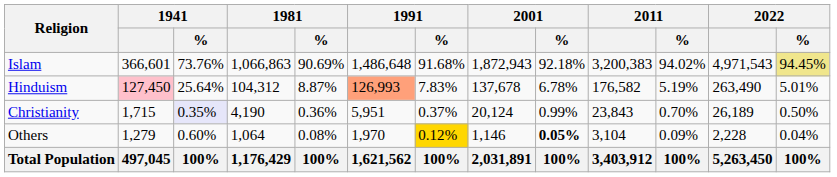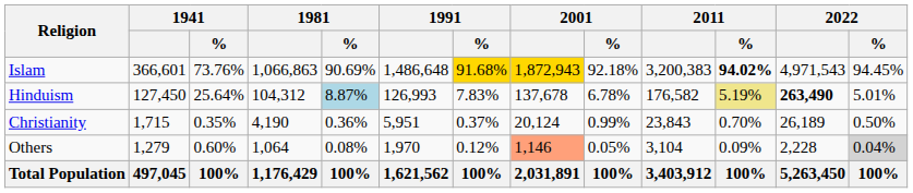 <table class="wikitable sortable">
 <tr>
 <th rowspan="2">Religion</th>
 <th colspan="2">1941</th>
 <th colspan="2">1981</th>
 <th colspan="2">1991</th>
 <th colspan="2">2001</th>
 <th colspan="2">2011</th>
 <th colspan="2">2022</th>
 </tr>
 <tr>
 <th></th>
 <th>%</th>
 <th></th>
 <th>%</th>
 <th></th>
 <th>%</th>
 <th></th>
 <th>%</th>
 <th></th>
 <th>%</th>
 <th></th>
 <th>%</th>
 </tr>
 <tr>
 <td><a href='#'>Islam</a> </td>
 <td>366,601</td>
 <td>73.76%</td>
 <td>1,066,863</td>
 <td>90.69%</td>
 <td>1,486,648</td>
-<td>91.68%</td>
-<td>1,872,943</td>
+<td style="background: gold;">91.68%</td>
+<td style="background: gold;">1,872,943</td>
 <td>92.18%</td>
 <td>3,200,383</td>
-<td>94.02%</td>
+<td><strong>94.02%</strong></td>
 <td>4,971,543</td>
-<td style="background: khaki;">94.45%</td>
+<td>94.45%</td>
 </tr>
 <tr>
 <td><a href='#'>Hinduism</a> </td>
-<td style="background: pink;">127,450</td>
+<td>127,450</td>
 <td>25.64%</td>
 <td>104,312</td>
-<td>8.87%</td>
-<td style="background: lightsalmon;">126,993</td>
+<td style="background: lightblue;">8.87%</td>
+<td>126,993</td>
 <td>7.83%</td>
 <td>137,678</td>
 <td>6.78%</td>
 <td>176,582</td>
-<td>5.19%</td>
-<td>263,490</td>
+<td style="background: khaki;">5.19%</td>
+<td><strong>263,490</strong></td>
 <td>5.01%</td>
 </tr>
 <tr>
 <td><a href='#'>Christianity</a> </td>
 <td>1,715</td>
-<td style="background: lavender;">0.35%</td>
+<td>0.35%</td>
 <td>4,190</td>
 <td>0.36%</td>
 <td>5,951</td>
 <td>0.37%</td>
 <td>20,124</td>
 <td>0.99%</td>
 <td>23,843</td>
 <td>0.70%</td>
 <td>26,189</td>
 <td>0.50%</td>
 </tr>
 <tr>
 <td>Others </td>
 <td>1,279</td>
 <td>0.60%</td>
 <td>1,064</td>
 <td>0.08%</td>
 <td>1,970</td>
-<td style="background: gold;">0.12%</td>
-<td>1,146</td>
-<td><strong>0.05%</strong></td>
+<td>0.12%</td>
+<td style="background: lightsalmon;">1,146</td>
+<td>0.05%</td>
 <td>3,104</td>
 <td>0.09%</td>
 <td>2,228</td>
-<td>0.04%</td>
+<td style="background: lightgrey;">0.04%</td>
 </tr>
 <tr>
 <th>Total Population</th>
 <th>497,045</th>
 <th>100%</th>
 <th><strong>1,176,429</strong></th>
 <th>100%</th>
 <th>1,621,562</th>
 <th>100%</th>
 <th>2,031,891</th>
 <th>100%</th>
 <th>3,403,912</th>
 <th>100%</th>
 <th>5,263,450</th>
 <th>100%</th>
 </tr>
 </table>
